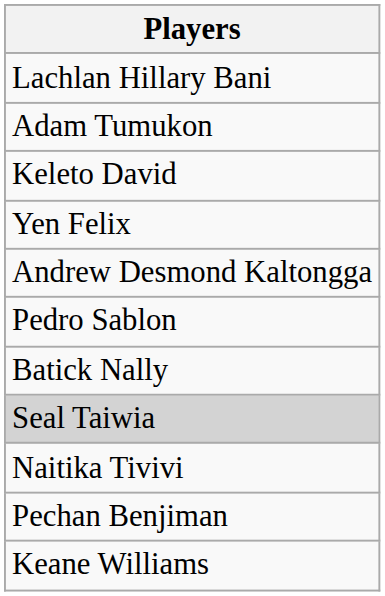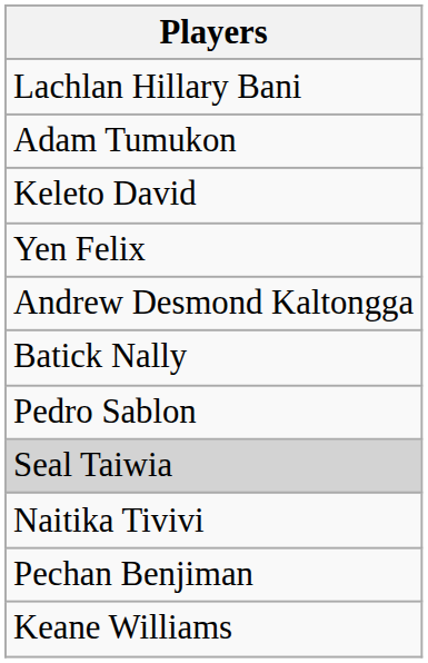 <table class="wikitable">
 <tr>
 <th>Players</th>
 </tr>
 <tr>
 <td>Lachlan Hillary Bani</td>
 </tr>
 <tr>
 <td>Adam Tumukon</td>
 </tr>
 <tr>
 <td>Keleto David</td>
 </tr>
 <tr>
 <td>Yen Felix</td>
 </tr>
 <tr>
 <td>Andrew Desmond Kaltongga</td>
 </tr>
 <tr>
-<td>Pedro Sablon</td>
+<td>Batick Nally</td>
 </tr>
 <tr>
-<td>Batick Nally</td>
+<td>Pedro Sablon</td>
 </tr>
 <tr>
 <td style="background: lightgrey;">Seal Taiwia</td>
 </tr>
 <tr>
 <td>Naitika Tivivi</td>
 </tr>
 <tr>
 <td>Pechan Benjiman</td>
 </tr>
 <tr>
 <td>Keane Williams</td>
 </tr>
 </table>
